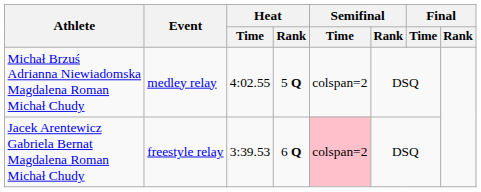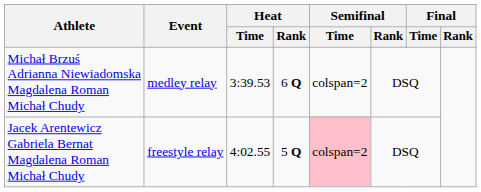 <table class=wikitable style="font-size:90%">
 <tr>
 <th rowspan="2">Athlete</th>
 <th rowspan="2">Event</th>
 <th colspan="2">Heat</th>
 <th colspan="2">Semifinal</th>
 <th colspan="2">Final</th>
 </tr>
 <tr style="font-size:95%">
 <th>Time</th>
 <th>Rank</th>
 <th>Time</th>
 <th>Rank</th>
 <th>Time</th>
 <th>Rank</th>
 </tr>
 <tr align=center>
 <td align=left><a href='#'>Michał Brzuś</a><br><a href='#'>Adrianna Niewiadomska</a><br><a href='#'>Magdalena Roman</a> <br><a href='#'>Michał Chudy</a></td>
 <td align=left><a href='#'> medley relay</a></td>
-<td>4:02.55</td>
-<td>5 <strong>Q</strong></td>
+<td>3:39.53</td>
+<td>6 <strong>Q</strong></td>
 <td>colspan=2 </td>
 <td colspan=2>DSQ</td>
 </tr>
 <tr align=center>
 <td align=left><a href='#'>Jacek Arentewicz</a><br><a href='#'>Gabriela Bernat</a><br><a href='#'>Magdalena Roman</a> <br><a href='#'>Michał Chudy</a></td>
 <td align=left><a href='#'> freestyle relay</a></td>
-<td>3:39.53</td>
-<td>6 <strong>Q</strong></td>
+<td>4:02.55</td>
+<td>5 <strong>Q</strong></td>
 <td style="background: pink;">colspan=2 </td>
 <td colspan=2>DSQ</td>
 </tr>
 </table>
